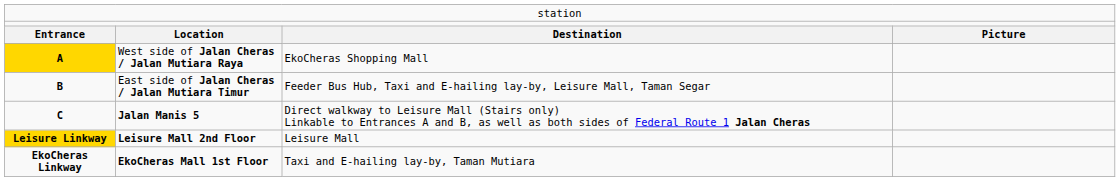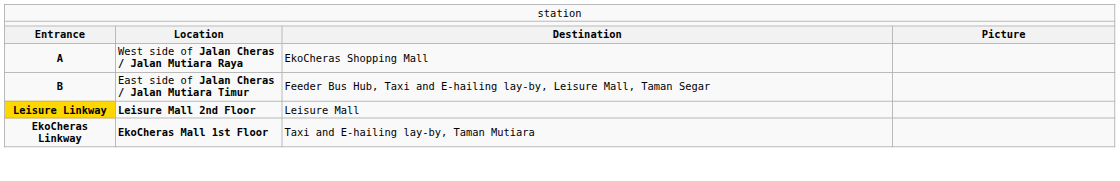 <table class="wikitable" style="width:70%">
 <tr>
 <td colspan="4" align="center"> station</td>
 </tr>
 <tr>
 <td colspan="4"></td>
 </tr>
 <tr>
 <th style="width:10%">Entrance</th>
 <th style="width:15%">Location</th>
 <th style="width:55%">Destination</th>
 <th style="width:20%">Picture</th>
 </tr>
 <tr>
-<td align="center" style="background: gold;"><strong><span>A</span></strong></td>
+<td align="center"><strong><span>A</span></strong></td>
 <td>West side of <strong>Jalan Cheras / Jalan Mutiara Raya</strong></td>
 <td>EkoCheras Shopping Mall</td>
 <td></td>
 </tr>
 <tr>
 <td align="center"><strong><span>B</span></strong></td>
 <td>East side of <strong>Jalan Cheras / Jalan Mutiara Timur</strong></td>
 <td>Feeder Bus Hub, Taxi and E-hailing lay-by, Leisure Mall, Taman Segar</td>
-<td></td>
-</tr>
-<tr>
-<td align="center"><strong><span>C</span></strong></td>
-<td><strong>Jalan Manis 5</strong></td>
-<td>Direct walkway to Leisure Mall (Stairs only)<br>Linkable to Entrances A and B, as well as both sides of <a href='#'>Federal Route 1</a> <strong>Jalan Cheras</strong></td>
 <td></td>
 </tr>
 <tr>
 <td align="center" style="background: gold;"><strong>Leisure Linkway</strong></td>
 <td><strong>Leisure Mall 2nd Floor</strong></td>
 <td>Leisure Mall</td>
 <td></td>
 </tr>
 <tr>
 <td align="center"><strong>EkoCheras Linkway</strong></td>
 <td><strong>EkoCheras Mall 1st Floor</strong></td>
 <td>Taxi and E-hailing lay-by, Taman Mutiara</td>
 <td></td>
 </tr>
 </table>
